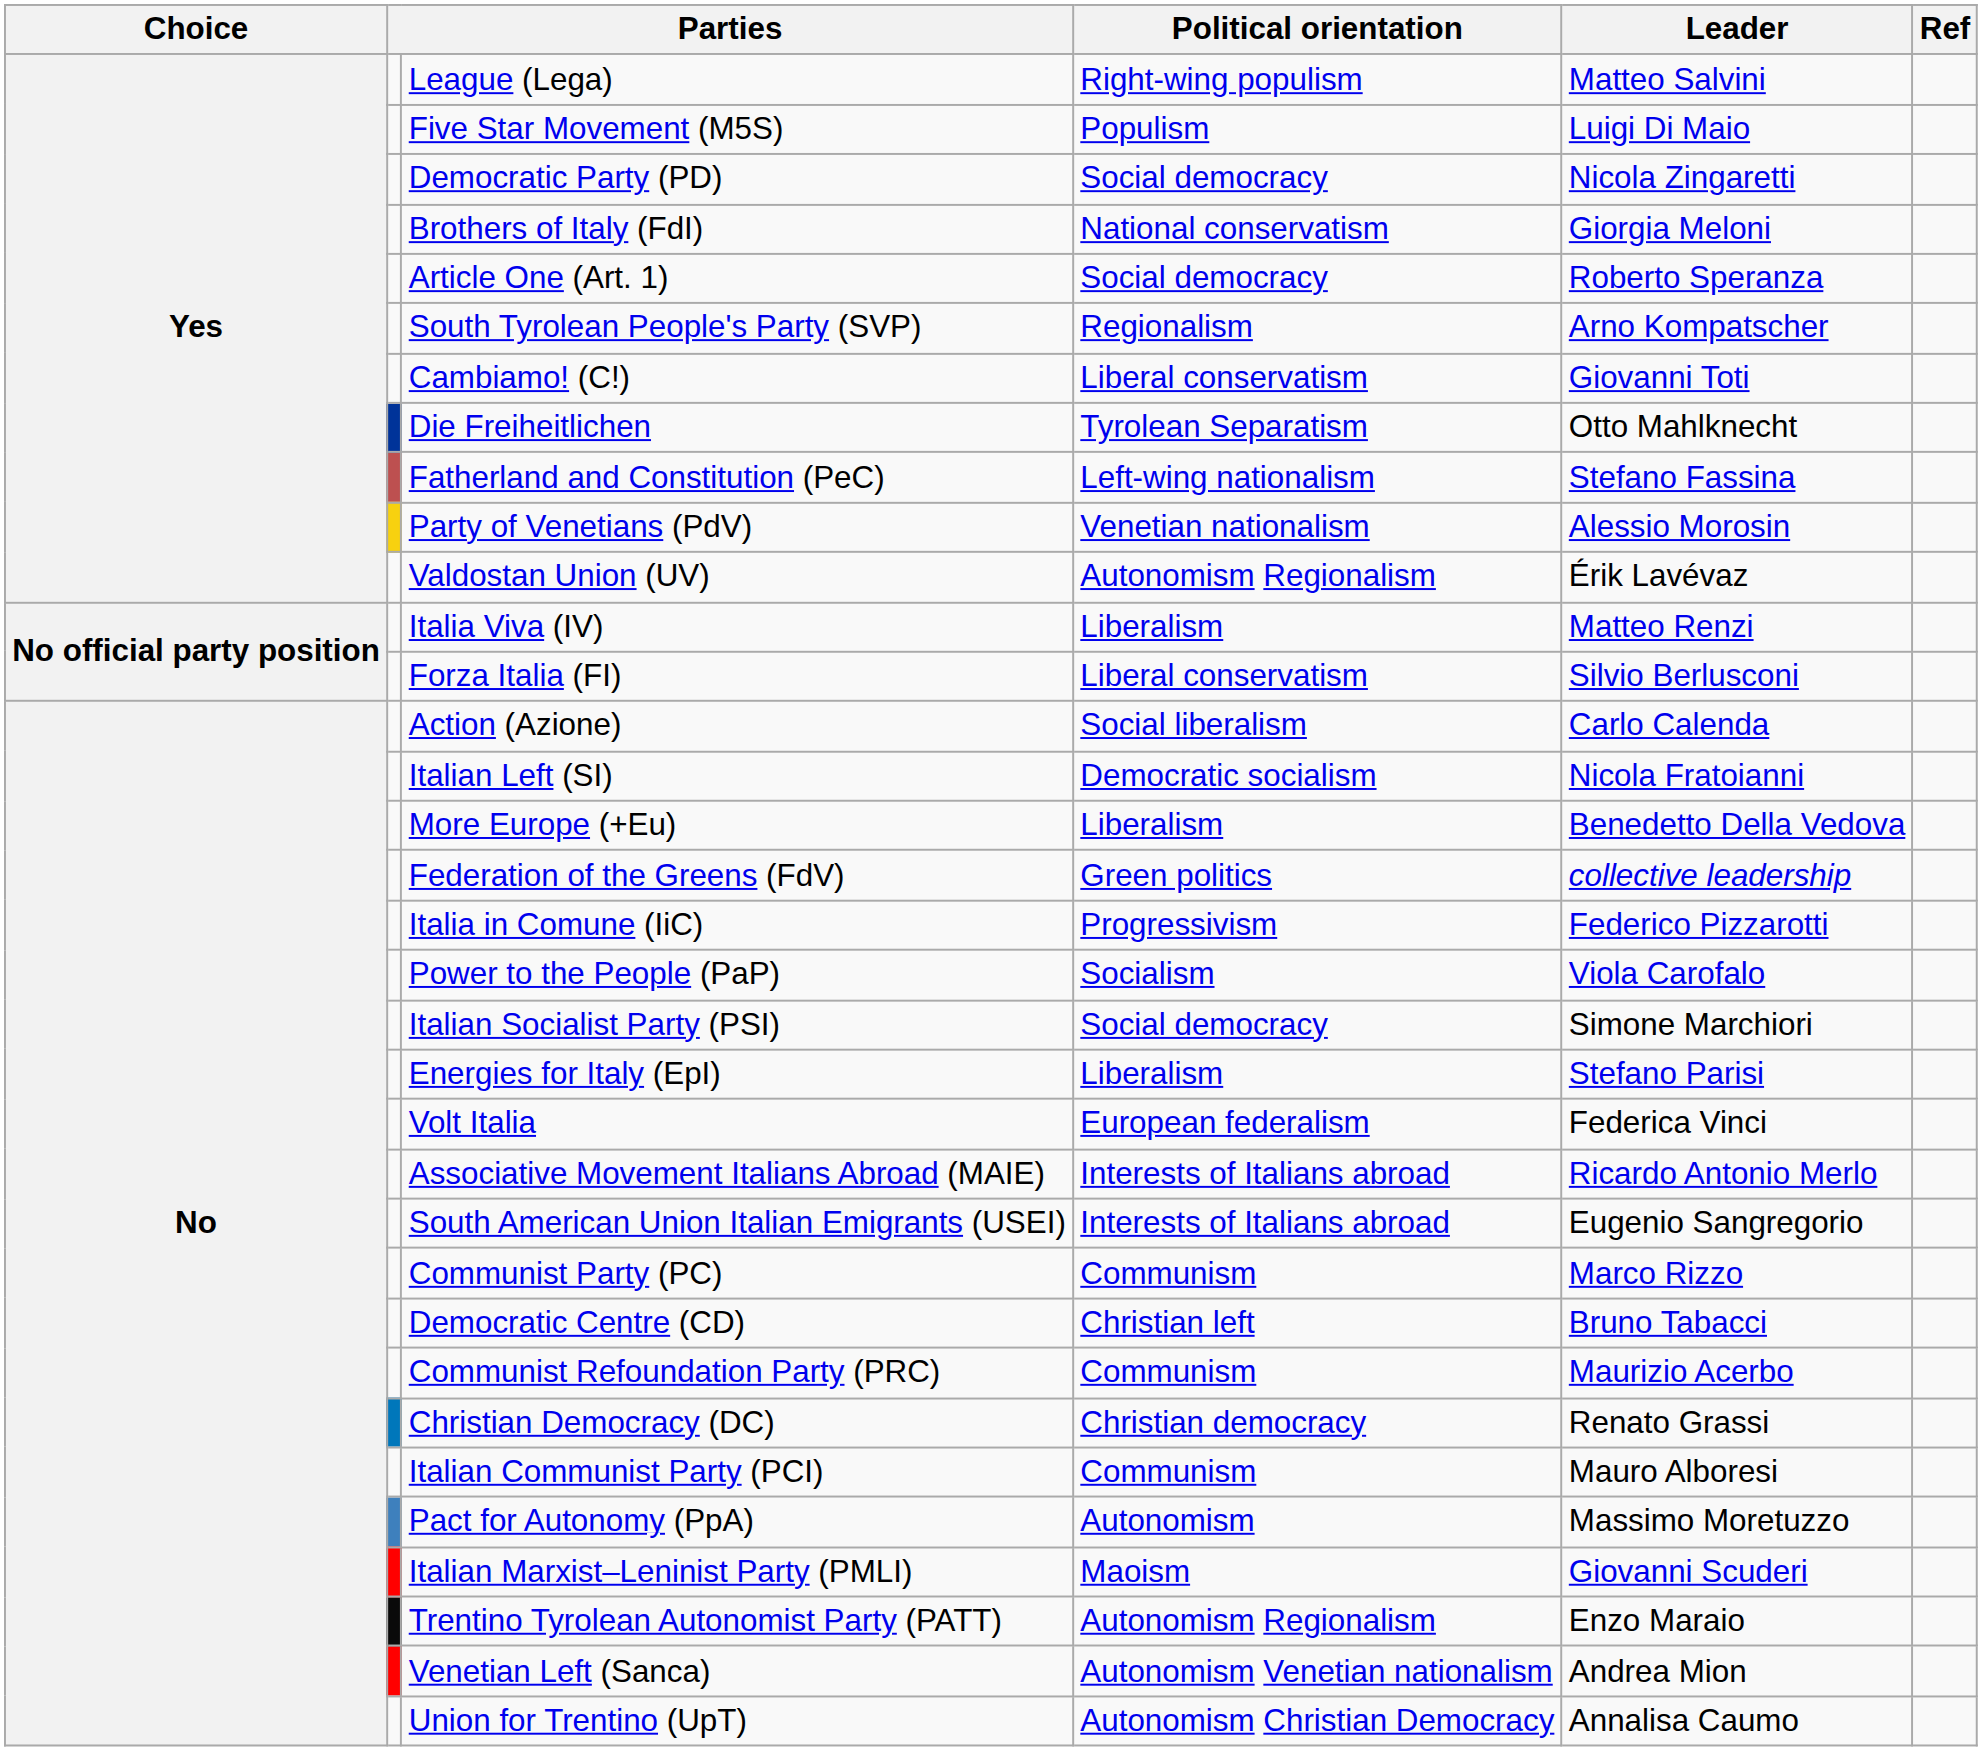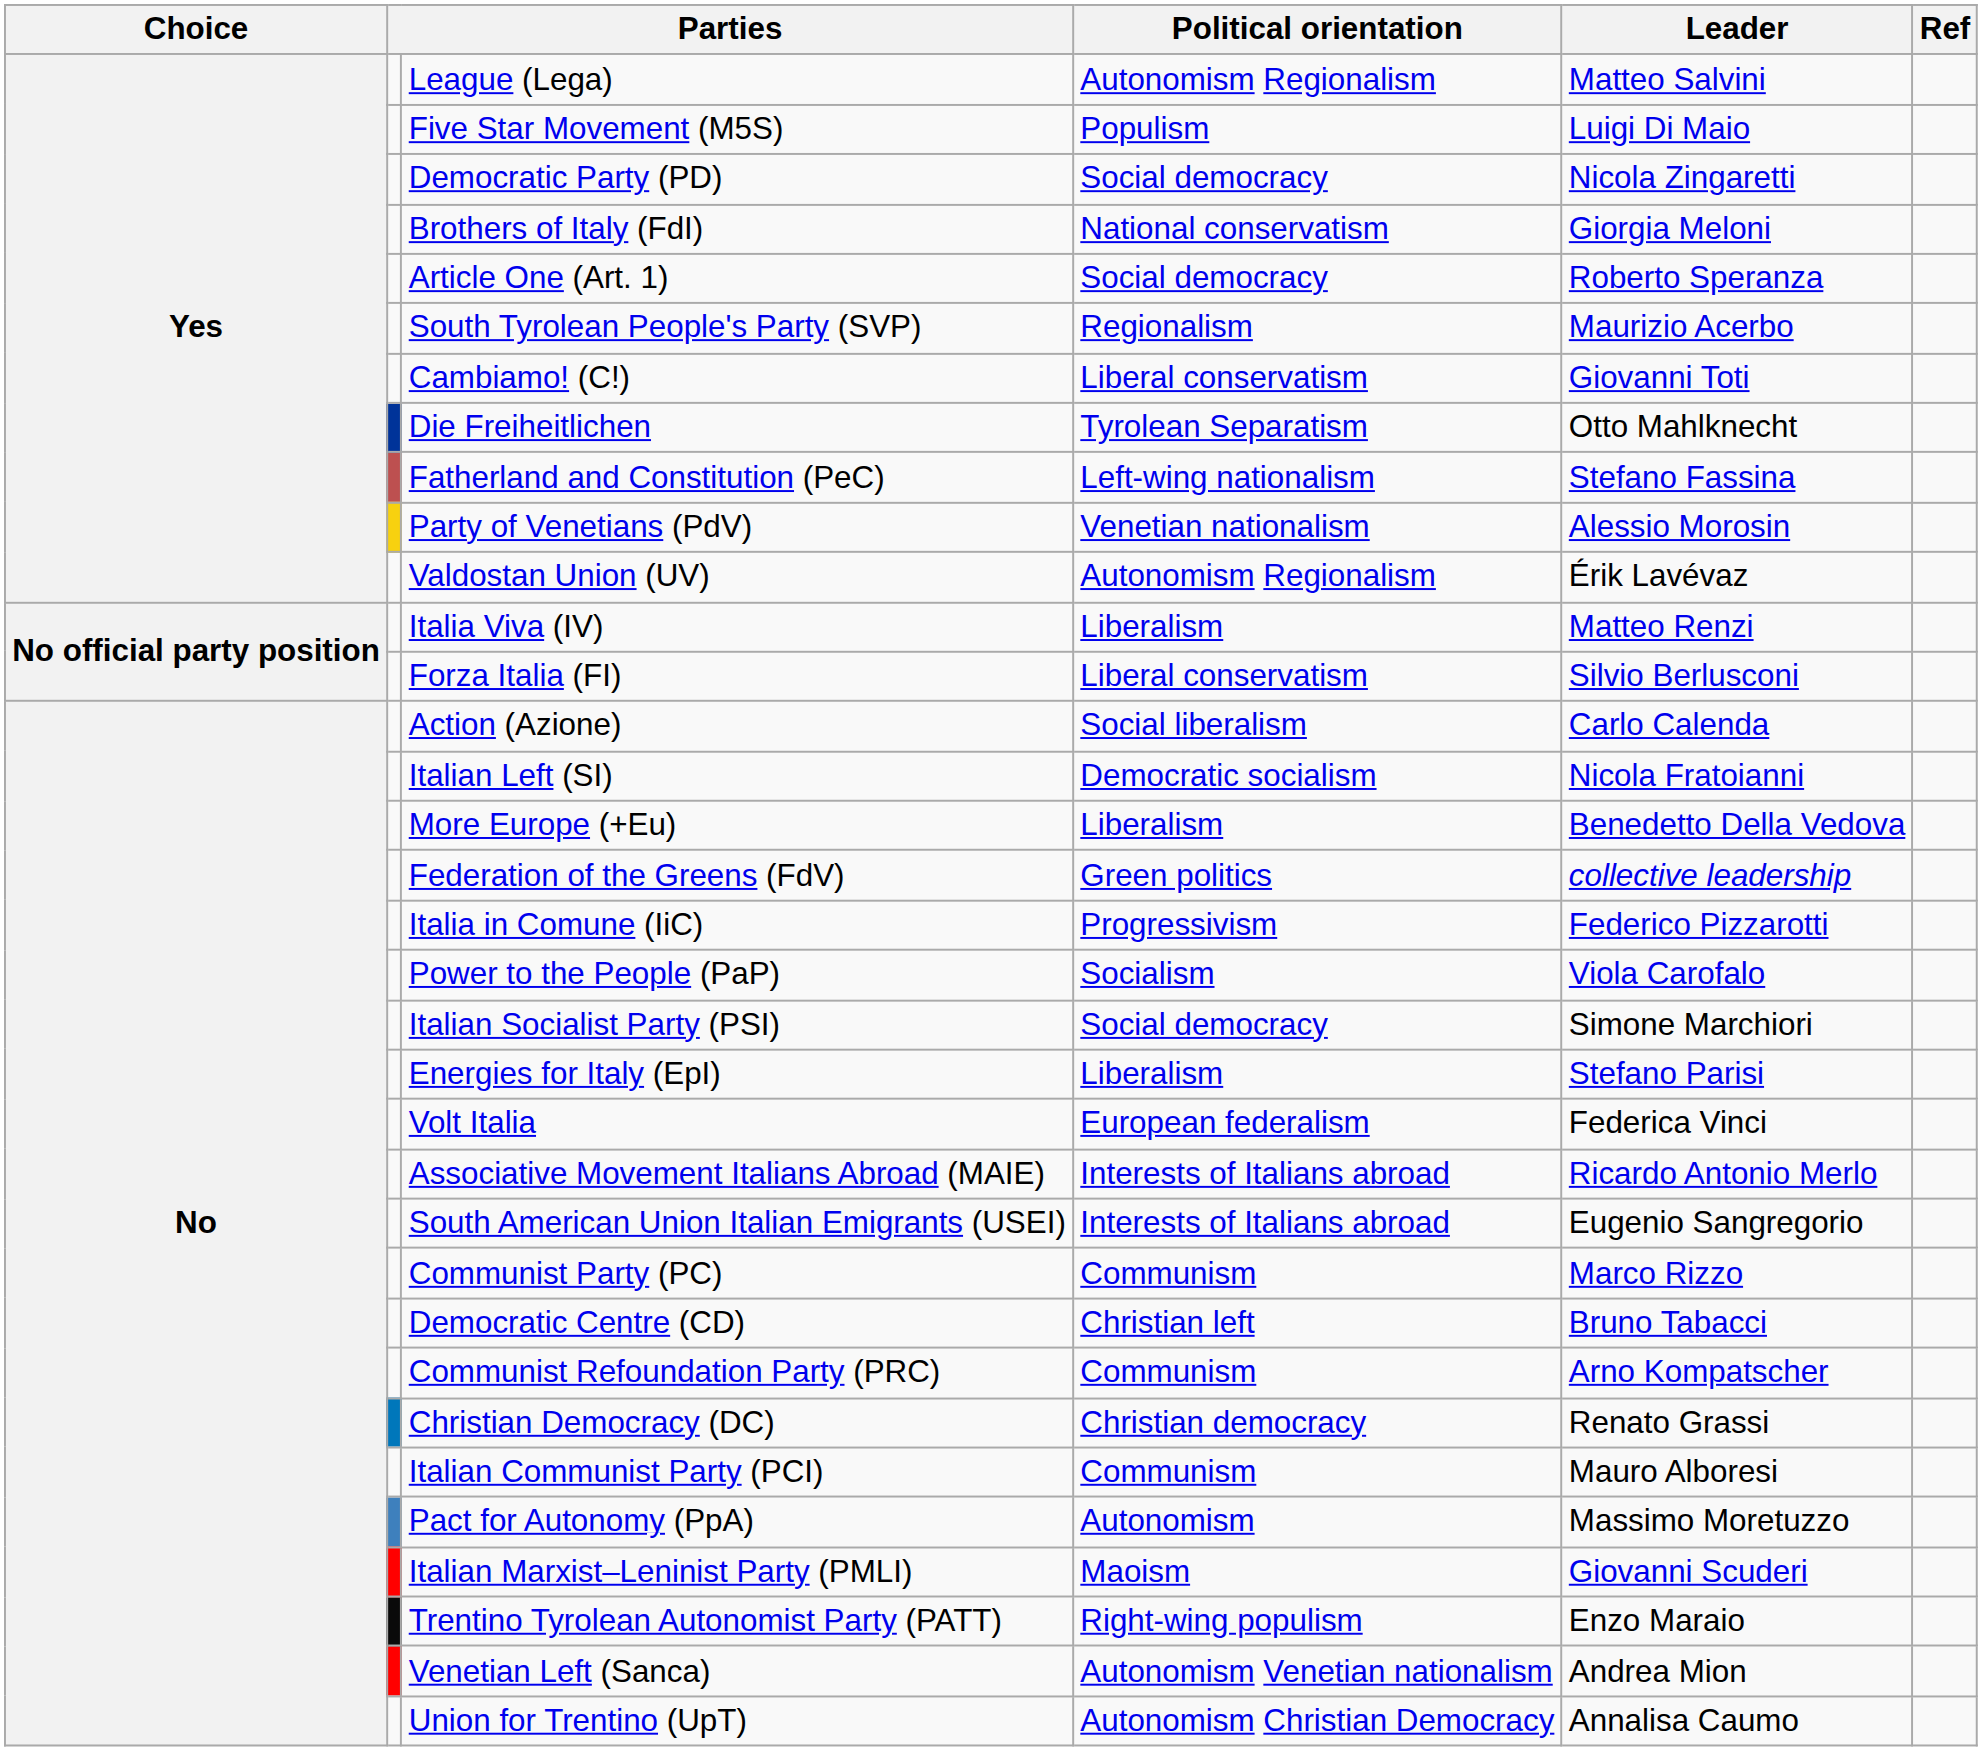 <table class="wikitable">
 <tr>
 <th>Choice</th>
 <th colspan=2>Parties</th>
 <th>Political orientation</th>
 <th>Leader</th>
 <th>Ref</th>
 </tr>
 <tr>
 <th rowspan="11"> Yes</th>
 <td style="background-color: "></td>
 <td><a href='#'>League</a> (Lega)</td>
-<td><a href='#'>Right-wing populism</a></td>
+<td><a href='#'>Autonomism</a> <a href='#'>Regionalism</a></td>
 <td><a href='#'>Matteo Salvini</a></td>
 <td></td>
 </tr>
 <tr>
 <td style="background-color:"></td>
 <td><a href='#'>Five Star Movement</a> (M5S)</td>
 <td><a href='#'>Populism</a></td>
 <td><a href='#'>Luigi Di Maio</a></td>
 <td></td>
 </tr>
 <tr>
 <td style="background-color: "></td>
 <td><a href='#'>Democratic Party</a> (PD)</td>
 <td><a href='#'>Social democracy</a></td>
 <td><a href='#'>Nicola Zingaretti</a></td>
 <td></td>
 </tr>
 <tr>
 <td style="background-color:"></td>
 <td><a href='#'>Brothers of Italy</a> (FdI)</td>
 <td><a href='#'>National conservatism</a></td>
 <td><a href='#'>Giorgia Meloni</a></td>
 <td></td>
 </tr>
 <tr>
 <td Style="background:"></td>
 <td><a href='#'>Article One</a> (Art. 1)</td>
 <td><a href='#'>Social democracy</a></td>
 <td><a href='#'>Roberto Speranza</a></td>
 <td></td>
 </tr>
 <tr>
 <td style="background-color:"></td>
 <td><a href='#'>South Tyrolean People's Party</a> (SVP)</td>
 <td><a href='#'>Regionalism</a></td>
-<td><a href='#'>Arno Kompatscher</a></td>
+<td><a href='#'>Maurizio Acerbo</a></td>
 <td></td>
 </tr>
 <tr>
 <td Style="background:"></td>
 <td><a href='#'>Cambiamo!</a> (C!)</td>
 <td><a href='#'>Liberal conservatism</a></td>
 <td><a href='#'>Giovanni Toti</a></td>
 <td></td>
 </tr>
 <tr>
 <td style="background-color:#003399"></td>
 <td><a href='#'>Die Freiheitlichen</a></td>
 <td><a href='#'>Tyrolean Separatism</a></td>
 <td>Otto Mahlknecht</td>
 <td></td>
 </tr>
 <tr>
 <td style="background-color:#BD5050"></td>
 <td><a href='#'>Fatherland and Constitution</a> (PeC)</td>
 <td><a href='#'>Left-wing nationalism</a></td>
 <td><a href='#'>Stefano Fassina</a></td>
 <td></td>
 </tr>
 <tr>
 <td style="background-color:#F7D10F"></td>
 <td><a href='#'>Party of Venetians</a> (PdV)</td>
 <td><a href='#'>Venetian nationalism</a></td>
 <td><a href='#'>Alessio Morosin</a></td>
 <td></td>
 </tr>
 <tr>
 <td></td>
 <td><a href='#'>Valdostan Union</a> (UV)</td>
 <td><a href='#'>Autonomism</a> <a href='#'>Regionalism</a></td>
 <td>Érik Lavévaz</td>
 <td></td>
 </tr>
 <tr>
 <th rowspan="2">No official party position</th>
 <td style="background-color:"></td>
 <td><a href='#'>Italia Viva</a> (IV)</td>
 <td><a href='#'>Liberalism</a></td>
 <td><a href='#'>Matteo Renzi</a></td>
 <td></td>
 </tr>
 <tr>
 <td style="background-color:"></td>
 <td><a href='#'>Forza Italia</a> (FI)</td>
 <td><a href='#'>Liberal conservatism</a></td>
 <td><a href='#'>Silvio Berlusconi</a></td>
 <td></td>
 </tr>
 <tr>
 <th rowspan="21"> No</th>
 <td style="background-color:"></td>
 <td><a href='#'>Action</a> (Azione)</td>
 <td><a href='#'>Social liberalism</a></td>
 <td><a href='#'>Carlo Calenda</a></td>
 <td></td>
 </tr>
 <tr>
 <td style="background:"></td>
 <td><a href='#'>Italian Left</a> (SI)</td>
 <td><a href='#'>Democratic socialism</a></td>
 <td><a href='#'>Nicola Fratoianni</a></td>
 <td></td>
 </tr>
 <tr>
 <td style="background-color:"></td>
 <td><a href='#'>More Europe</a> (+Eu)</td>
 <td><a href='#'>Liberalism</a></td>
 <td><a href='#'>Benedetto Della Vedova</a></td>
 <td></td>
 </tr>
 <tr>
 <td style="background:"></td>
 <td><a href='#'>Federation of the Greens</a> (FdV)</td>
 <td><a href='#'>Green politics</a></td>
 <td><em><a href='#'>collective leadership</a></em></td>
 <td></td>
 </tr>
 <tr>
 <td style="background-color: "></td>
 <td><a href='#'>Italia in Comune</a> (IiC)</td>
 <td><a href='#'>Progressivism</a></td>
 <td><a href='#'>Federico Pizzarotti</a></td>
 <td></td>
 </tr>
 <tr>
 <td></td>
 <td><a href='#'>Power to the People</a> (PaP)</td>
 <td><a href='#'>Socialism</a></td>
 <td><a href='#'>Viola Carofalo</a></td>
 <td></td>
 </tr>
 <tr>
 <td style="background-color: "></td>
 <td><a href='#'>Italian Socialist Party</a> (PSI)</td>
 <td><a href='#'>Social democracy</a></td>
 <td>Simone Marchiori</td>
 <td></td>
 </tr>
 <tr>
 <td style="background-color:"></td>
 <td><a href='#'>Energies for Italy</a> (EpI)</td>
 <td><a href='#'>Liberalism</a></td>
 <td><a href='#'>Stefano Parisi</a></td>
 <td></td>
 </tr>
 <tr>
 <td style="background:"></td>
 <td><a href='#'>Volt Italia</a></td>
 <td><a href='#'>European federalism</a></td>
 <td>Federica Vinci</td>
 <td></td>
 </tr>
 <tr>
 <td style="background-color: "></td>
 <td><a href='#'>Associative Movement Italians Abroad</a> (MAIE)</td>
 <td><a href='#'>Interests of Italians abroad</a></td>
 <td><a href='#'>Ricardo Antonio Merlo</a></td>
 <td></td>
 </tr>
 <tr>
 <td style="background-color: "></td>
 <td><a href='#'>South American Union Italian Emigrants</a> (USEI)</td>
 <td><a href='#'>Interests of Italians abroad</a></td>
 <td>Eugenio Sangregorio</td>
 <td></td>
 </tr>
 <tr>
 <td style="background-color: "></td>
 <td><a href='#'>Communist Party</a> (PC)</td>
 <td><a href='#'>Communism</a></td>
 <td><a href='#'>Marco Rizzo</a></td>
 <td></td>
 </tr>
 <tr>
 <td style="background-color: "></td>
 <td><a href='#'>Democratic Centre</a> (CD)</td>
 <td><a href='#'>Christian left</a></td>
 <td><a href='#'>Bruno Tabacci</a></td>
 <td></td>
 </tr>
 <tr>
 <td style="background-color: "></td>
 <td><a href='#'>Communist Refoundation Party</a> (PRC)</td>
 <td><a href='#'>Communism</a></td>
-<td><a href='#'>Maurizio Acerbo</a></td>
+<td><a href='#'>Arno Kompatscher</a></td>
 <td></td>
 </tr>
 <tr>
 <td style="background-color:#0077BB"></td>
 <td><a href='#'>Christian Democracy</a> (DC)</td>
 <td><a href='#'>Christian democracy</a></td>
 <td>Renato Grassi</td>
 <td></td>
 </tr>
 <tr>
 <td style="background-color: "></td>
 <td><a href='#'>Italian Communist Party</a> (PCI)</td>
 <td><a href='#'>Communism</a></td>
 <td>Mauro Alboresi</td>
 <td></td>
 </tr>
 <tr>
 <td style="background:#3E80BD"></td>
 <td><a href='#'>Pact for Autonomy</a> (PpA)</td>
 <td><a href='#'>Autonomism</a></td>
 <td>Massimo Moretuzzo</td>
 <td></td>
 </tr>
 <tr>
 <td style="background-color:#f00"></td>
 <td><a href='#'>Italian Marxist–Leninist Party</a> (PMLI)</td>
 <td><a href='#'>Maoism</a></td>
 <td><a href='#'>Giovanni Scuderi</a></td>
 <td></td>
 </tr>
 <tr>
 <td style="background:#0A0A0A"></td>
 <td><a href='#'>Trentino Tyrolean Autonomist Party</a> (PATT)</td>
-<td><a href='#'>Autonomism</a> <a href='#'>Regionalism</a></td>
+<td><a href='#'>Right-wing populism</a></td>
 <td>Enzo Maraio</td>
 <td></td>
 </tr>
 <tr>
 <td style="background:#FF0000"></td>
 <td><a href='#'>Venetian Left</a> (Sanca)</td>
 <td><a href='#'>Autonomism</a> <a href='#'>Venetian nationalism</a></td>
 <td>Andrea Mion</td>
 <td></td>
 </tr>
 <tr>
 <td></td>
 <td><a href='#'>Union for Trentino</a> (UpT)</td>
 <td><a href='#'>Autonomism</a> <a href='#'>Christian Democracy</a></td>
 <td>Annalisa Caumo</td>
 <td></td>
 </tr>
 </table>
